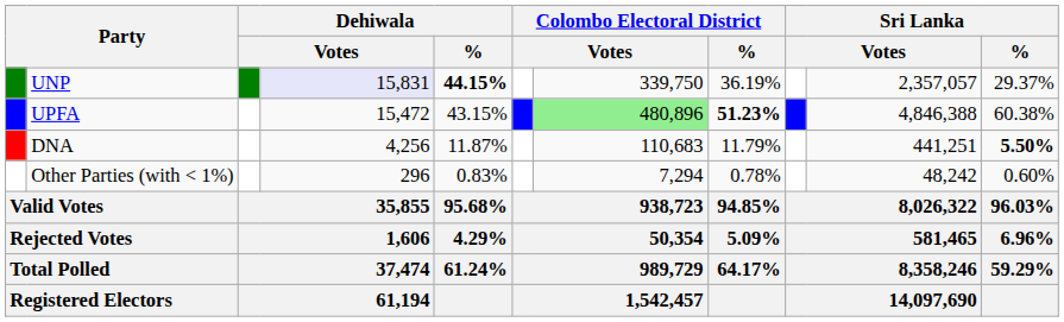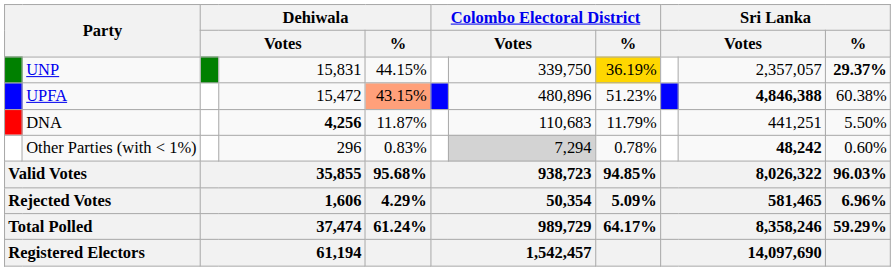 <table class="wikitable">
 <tr>
 <th colspan="2" width="144px"rowspan="2">Party</th>
 <th colspan="3" width="216px">Dehiwala</th>
 <th colspan="3" width="216px"><a href='#'>Colombo Electoral District</a></th>
 <th colspan="3" width="216px">Sri Lanka</th>
 </tr>
 <tr>
 <th colspan="2" width="144px">Votes</th>
 <th>%</th>
 <th colspan="2" width="144px">Votes</th>
 <th>%</th>
 <th colspan="2" width="144px">Votes</th>
 <th>%</th>
 </tr>
 <tr>
 <td style="background-color:green;" width="10px"></td>
 <td style="text-align:left;"><a href='#'>UNP</a></td>
 <td style="background-color:green;" width="10px"></td>
-<td style="background: lavender; text-align:right;">15,831</td>
-<td style="text-align:right;"><strong>44.15%</strong></td>
+<td style="text-align:right;">15,831</td>
+<td style="text-align:right;">44.15%</td>
 <td style="background-color:white;" width="10px"></td>
 <td style="text-align:right;">339,750</td>
-<td style="text-align:right;">36.19%</td>
+<td style="background: gold; text-align:right;">36.19%</td>
 <td style="background-color:white;" width="10px"></td>
 <td style="text-align:right;">2,357,057</td>
-<td style="text-align:right;">29.37%</td>
+<td style="text-align:right;"><strong>29.37%</strong></td>
 </tr>
 <tr>
 <td style="background-color:blue;" width="10px"></td>
 <td style="text-align:left;"><a href='#'>UPFA</a></td>
 <td style="background-color:white;" width="10px"></td>
 <td style="text-align:right;">15,472</td>
-<td style="text-align:right;">43.15%</td>
+<td style="background: lightsalmon; text-align:right;">43.15%</td>
 <td style="background-color:blue;" width="10px"></td>
-<td style="background: lightgreen; text-align:right;">480,896</td>
-<td style="text-align:right;"><strong>51.23%</strong></td>
+<td style="text-align:right;">480,896</td>
+<td style="text-align:right;">51.23%</td>
 <td style="background-color:blue;" width="10px"></td>
-<td style="text-align:right;">4,846,388</td>
+<td style="text-align:right;"><strong>4,846,388</strong></td>
 <td style="text-align:right;">60.38%</td>
 </tr>
 <tr>
 <td style="background-color:red;" width="10px"></td>
 <td style="text-align:left;">DNA</td>
 <td style="background-color:white;" width="10px"></td>
-<td style="text-align:right;">4,256</td>
+<td style="text-align:right;"><strong>4,256</strong></td>
 <td style="text-align:right;">11.87%</td>
 <td style="background-color:white;" width="10px"></td>
 <td style="text-align:right;">110,683</td>
 <td style="text-align:right;">11.79%</td>
 <td style="background-color:white;" width="10px"></td>
 <td style="text-align:right;">441,251</td>
-<td style="text-align:right;"><strong>5.50%</strong></td>
+<td style="text-align:right;">5.50%</td>
 </tr>
 <tr>
 <td style="background-color:white;" width="10px"></td>
 <td style="text-align:left;">Other Parties (with < 1%)</td>
 <td style="background-color:white;" width="10px"></td>
 <td style="text-align:right;">296</td>
 <td style="text-align:right;">0.83%</td>
 <td style="background-color:white;" width="10px"></td>
-<td style="text-align:right;">7,294</td>
+<td style="background: lightgrey; text-align:right;">7,294</td>
 <td style="text-align:right;">0.78%</td>
 <td style="background-color:white;" width="10px"></td>
-<td style="text-align:right;">48,242</td>
+<td style="text-align:right;"><strong>48,242</strong></td>
 <td style="text-align:right;">0.60%</td>
 </tr>
 <tr>
 <th colspan="2" width="144px"style="text-align:left;">Valid Votes</th>
 <th style="text-align:right;"colspan="2" width="144px">35,855</th>
 <th style="text-align:right;">95.68%</th>
 <th style="text-align:right;"colspan="2" width="144px">938,723</th>
 <th style="text-align:right;">94.85%</th>
 <th style="text-align:right;"colspan="2" width="144px">8,026,322</th>
 <th style="text-align:right;">96.03%</th>
 </tr>
 <tr>
 <th colspan="2" width="144px"style="text-align:left;">Rejected Votes</th>
 <th style="text-align:right;"colspan="2" width="144px">1,606</th>
 <th style="text-align:right;">4.29%</th>
 <th style="text-align:right;"colspan="2" width="144px">50,354</th>
 <th style="text-align:right;">5.09%</th>
 <th style="text-align:right;"colspan="2" width="144px">581,465</th>
 <th style="text-align:right;">6.96%</th>
 </tr>
 <tr>
 <th colspan="2" width="144px"style="text-align:left;">Total Polled</th>
 <th style="text-align:right;"colspan="2" width="144px">37,474</th>
 <th style="text-align:right;">61.24%</th>
 <th style="text-align:right;"colspan="2" width="144px">989,729</th>
 <th style="text-align:right;">64.17%</th>
 <th style="text-align:right;"colspan="2" width="144px">8,358,246</th>
 <th style="text-align:right;">59.29%</th>
 </tr>
 <tr>
 <th colspan="2" width="144px"style="text-align:left;">Registered Electors</th>
 <th style="text-align:right;"colspan="2" width="144px">61,194</th>
 <th></th>
 <th style="text-align:right;"colspan="2" width="144px">1,542,457</th>
 <th></th>
 <th style="text-align:right;"colspan="2" width="144px">14,097,690</th>
 <th></th>
 </tr>
 </table>
